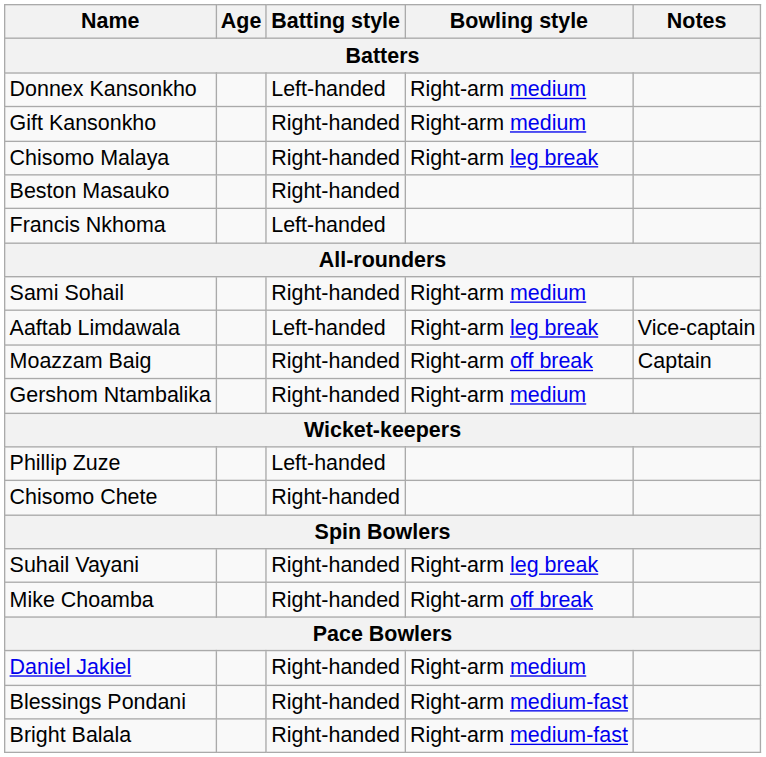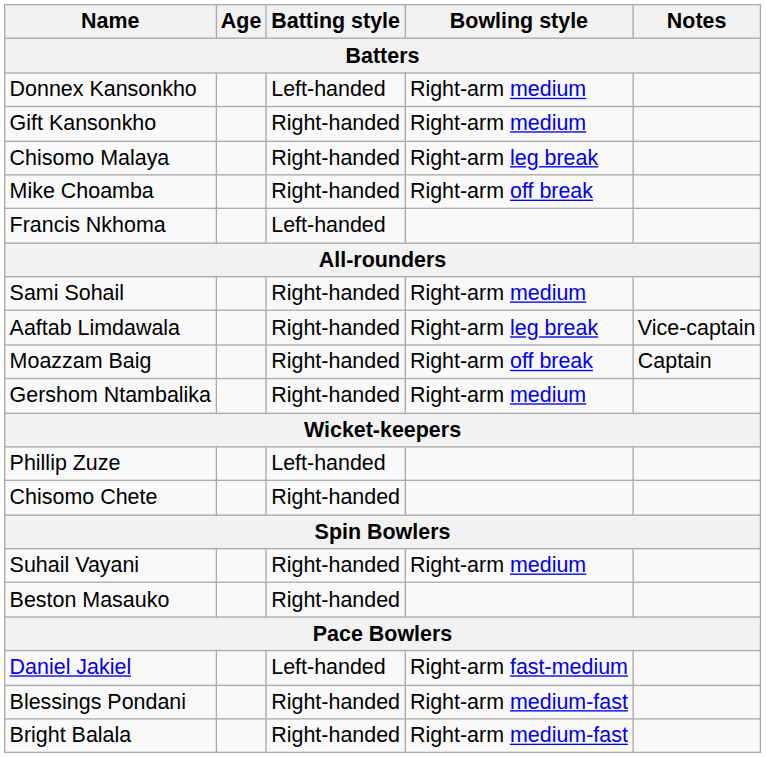 <table class="wikitable">
 <tr>
 <th style="text-align:center;">Name</th>
 <th style="text-align:center;">Age</th>
 <th style="text-align:center;">Batting style</th>
 <th style="text-align:center;">Bowling style</th>
 <th style="text-align:center;">Notes</th>
 </tr>
 <tr>
 <th colspan="5">Batters</th>
 </tr>
 <tr>
 <td>Donnex Kansonkho</td>
 <td></td>
 <td>Left-handed</td>
 <td>Right-arm <a href='#'>medium</a></td>
 <td></td>
 </tr>
 <tr>
 <td>Gift Kansonkho</td>
 <td></td>
 <td>Right-handed</td>
 <td>Right-arm <a href='#'>medium</a></td>
 <td></td>
 </tr>
 <tr>
 <td>Chisomo Malaya</td>
 <td></td>
 <td>Right-handed</td>
 <td>Right-arm <a href='#'>leg break</a></td>
 <td></td>
 </tr>
 <tr>
-<td>Beston Masauko</td>
+<td>Mike Choamba</td>
 <td></td>
 <td>Right-handed</td>
-<td></td>
+<td>Right-arm <a href='#'>off break</a></td>
 <td></td>
 </tr>
 <tr>
 <td>Francis Nkhoma</td>
 <td></td>
 <td>Left-handed</td>
 <td></td>
 <td></td>
 </tr>
 <tr>
 <th colspan="5">All-rounders</th>
 </tr>
 <tr>
 <td>Sami Sohail</td>
 <td></td>
 <td>Right-handed</td>
 <td>Right-arm <a href='#'>medium</a></td>
 <td></td>
 </tr>
 <tr>
 <td>Aaftab Limdawala</td>
 <td></td>
-<td>Left-handed</td>
+<td>Right-handed</td>
 <td>Right-arm <a href='#'>leg break</a></td>
 <td>Vice-captain</td>
 </tr>
 <tr>
 <td>Moazzam Baig</td>
 <td></td>
 <td>Right-handed</td>
 <td>Right-arm <a href='#'>off break</a></td>
 <td>Captain</td>
 </tr>
 <tr>
 <td>Gershom Ntambalika</td>
 <td></td>
 <td>Right-handed</td>
 <td>Right-arm <a href='#'>medium</a></td>
 <td></td>
 </tr>
 <tr>
 <th colspan="5">Wicket-keepers</th>
 </tr>
 <tr>
 <td>Phillip Zuze</td>
 <td></td>
 <td>Left-handed</td>
 <td></td>
 <td></td>
 </tr>
 <tr>
 <td>Chisomo Chete</td>
 <td></td>
 <td>Right-handed</td>
 <td></td>
 <td></td>
 </tr>
 <tr>
 <th colspan="5">Spin Bowlers</th>
 </tr>
 <tr>
 <td>Suhail Vayani</td>
 <td></td>
 <td>Right-handed</td>
-<td>Right-arm <a href='#'>leg break</a></td>
+<td>Right-arm <a href='#'>medium</a></td>
 <td></td>
 </tr>
 <tr>
-<td>Mike Choamba</td>
+<td>Beston Masauko</td>
 <td></td>
 <td>Right-handed</td>
-<td>Right-arm <a href='#'>off break</a></td>
+<td></td>
 <td></td>
 </tr>
 <tr>
 <th colspan="5">Pace Bowlers</th>
 </tr>
 <tr>
 <td><a href='#'>Daniel Jakiel</a></td>
 <td></td>
-<td>Right-handed</td>
-<td>Right-arm <a href='#'>medium</a></td>
+<td>Left-handed</td>
+<td>Right-arm <a href='#'>fast-medium</a></td>
 <td></td>
 </tr>
 <tr>
 <td>Blessings Pondani</td>
 <td></td>
 <td>Right-handed</td>
 <td>Right-arm <a href='#'>medium-fast</a></td>
 <td></td>
 </tr>
 <tr>
 <td>Bright Balala</td>
 <td></td>
 <td>Right-handed</td>
 <td>Right-arm <a href='#'>medium-fast</a></td>
 <td></td>
 </tr>
 </table>
